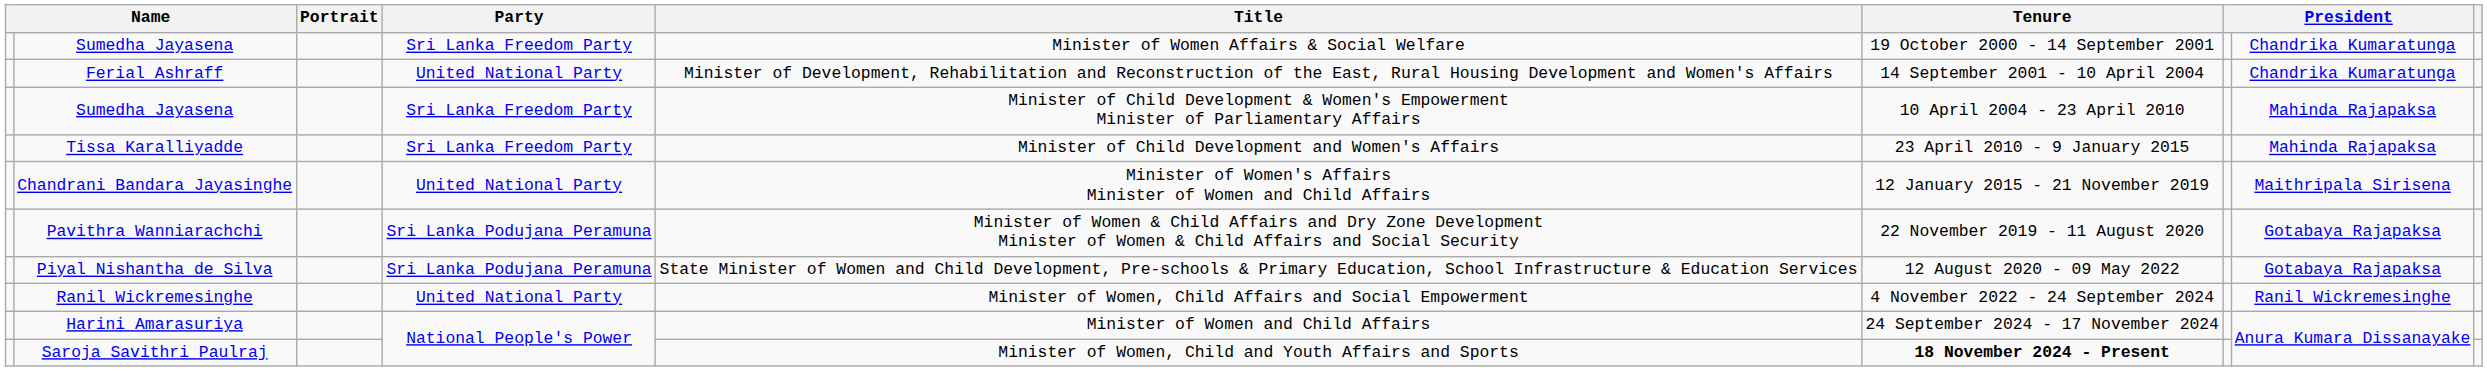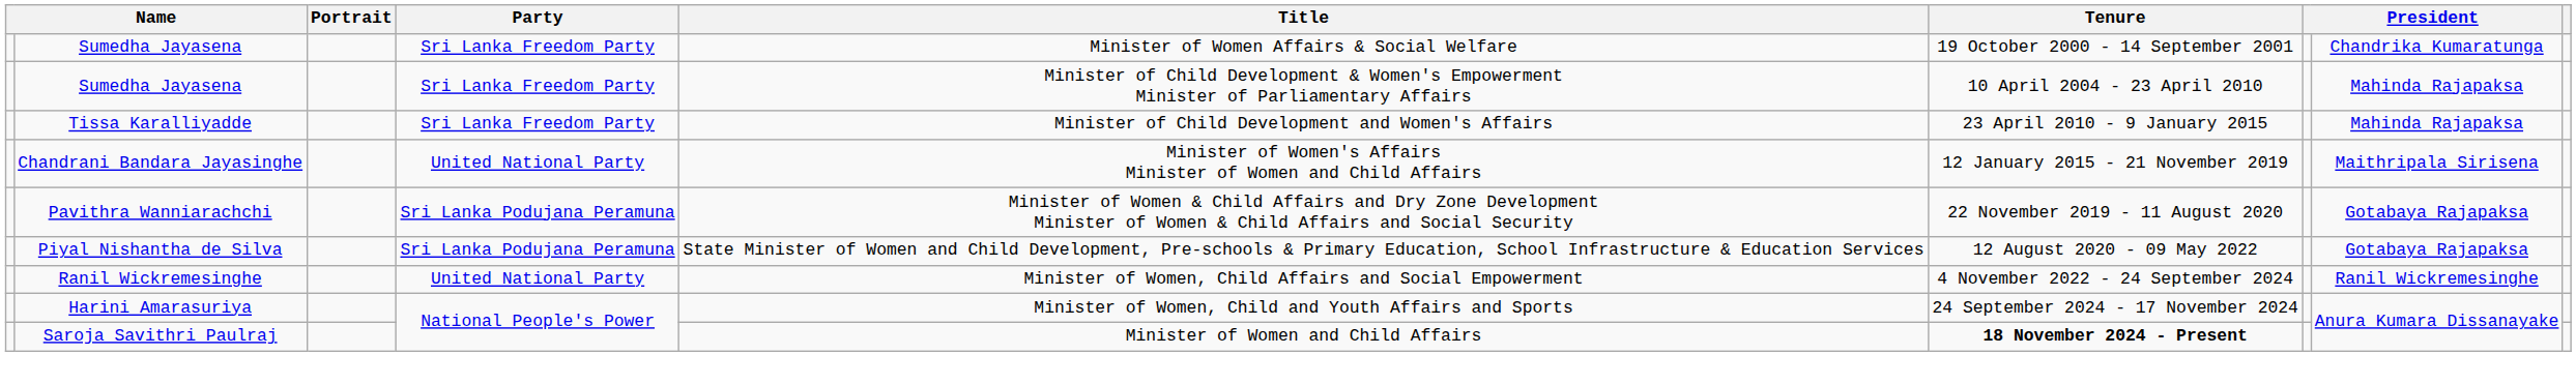 <table class="wikitable" style="margin:1em auto; font-size:90%; text-align:center;">
 <tr>
 <th colspan="2">Name</th>
 <th>Portrait</th>
 <th>Party</th>
 <th>Title</th>
 <th>Tenure</th>
 <th colspan="2"><a href='#'>President</a></th>
 <th></th>
 </tr>
 <tr>
 <td !align="center" style="background:"></td>
 <td><a href='#'>Sumedha Jayasena</a></td>
 <td></td>
 <td><a href='#'>Sri Lanka Freedom Party</a></td>
 <td>Minister of Women Affairs & Social Welfare</td>
 <td>19 October 2000 - 14 September 2001</td>
 <td !align="center" style="background:"></td>
-<td><a href='#'>Chandrika Kumaratunga</a></td>
-<td></td>
-</tr>
-<tr>
-<td !align="center" style="background:"></td>
-<td><a href='#'>Ferial Ashraff</a></td>
-<td></td>
-<td><a href='#'>United National Party</a></td>
-<td>Minister of Development, Rehabilitation and Reconstruction of the East, Rural Housing Development and Women's Affairs</td>
-<td>14 September 2001 - 10 April 2004</td>
-<td style="background:"></td>
 <td><a href='#'>Chandrika Kumaratunga</a></td>
 <td></td>
 </tr>
 <tr>
 <td style="background:"></td>
 <td><a href='#'>Sumedha Jayasena</a></td>
 <td></td>
 <td><a href='#'>Sri Lanka Freedom Party</a></td>
 <td>Minister of Child Development & Women's Empowerment<br>Minister of Parliamentary Affairs</td>
 <td>10 April 2004 - 23 April 2010</td>
 <td style="background:"></td>
 <td><a href='#'>Mahinda Rajapaksa</a></td>
 <td></td>
 </tr>
 <tr>
 <td !align="center" style="background:"></td>
 <td><a href='#'>Tissa Karalliyadde</a></td>
 <td></td>
 <td><a href='#'>Sri Lanka Freedom Party</a></td>
 <td>Minister of Child Development and Women's Affairs</td>
 <td>23 April 2010 - 9 January 2015</td>
 <td !align="center" style="background:"></td>
 <td><a href='#'>Mahinda Rajapaksa</a></td>
 <td></td>
 </tr>
 <tr>
 <td !align="center" style="background:"></td>
 <td><a href='#'>Chandrani Bandara Jayasinghe</a></td>
 <td></td>
 <td><a href='#'>United National Party</a></td>
 <td>Minister of Women's Affairs<br>Minister of Women and Child Affairs</td>
 <td>12 January 2015 - 21 November 2019</td>
 <td !align="center" style="background:"></td>
 <td><a href='#'>Maithripala Sirisena</a></td>
 <td></td>
 </tr>
 <tr>
 <td !align="center" style="background:"></td>
 <td><a href='#'>Pavithra Wanniarachchi</a></td>
 <td></td>
 <td><a href='#'>Sri Lanka Podujana Peramuna</a></td>
 <td>Minister of Women & Child Affairs and Dry Zone Development<br>Minister of Women & Child Affairs and Social Security</td>
 <td>22 November 2019 - 11 August 2020</td>
 <td !align="center" style="background:"></td>
 <td><a href='#'>Gotabaya Rajapaksa</a></td>
 <td></td>
 </tr>
 <tr>
 <td !align="center" style="background:"></td>
 <td><a href='#'>Piyal Nishantha de Silva</a></td>
 <td></td>
 <td><a href='#'>Sri Lanka Podujana Peramuna</a></td>
 <td>State Minister of Women and Child Development, Pre-schools & Primary Education, School Infrastructure & Education Services</td>
 <td>12 August 2020 - 09 May 2022</td>
 <td !align="center" style="background:"></td>
 <td><a href='#'>Gotabaya Rajapaksa</a></td>
 <td></td>
 </tr>
 <tr>
 <td !align="center" style="background:"></td>
 <td><a href='#'>Ranil Wickremesinghe</a></td>
 <td></td>
 <td><a href='#'>United National Party</a></td>
 <td>Minister of Women, Child Affairs and Social Empowerment</td>
 <td>4 November 2022 - 24 September 2024</td>
 <td !align="center" style="background:"></td>
 <td><a href='#'>Ranil Wickremesinghe</a></td>
 <td></td>
 </tr>
 <tr>
 <td !align="center" style="background:"></td>
 <td><a href='#'>Harini Amarasuriya</a></td>
 <td></td>
 <td rowspan="2"><a href='#'>National People's Power</a></td>
-<td>Minister of Women and Child Affairs</td>
+<td>Minister of Women, Child and Youth Affairs and Sports</td>
 <td>24 September 2024 - 17 November 2024</td>
 <td !align="center" style="background:"></td>
 <td rowspan="2"><a href='#'>Anura Kumara Dissanayake</a></td>
 <td></td>
 </tr>
 <tr>
 <td !align="center" style="background:"></td>
 <td><a href='#'>Saroja Savithri Paulraj</a></td>
 <td></td>
-<td>Minister of Women, Child and Youth Affairs and Sports</td>
+<td>Minister of Women and Child Affairs</td>
 <td><strong>18 November 2024 - Present</strong></td>
 <td !align="center" style="background:"></td>
 <td></td>
 </tr>
 </table>
